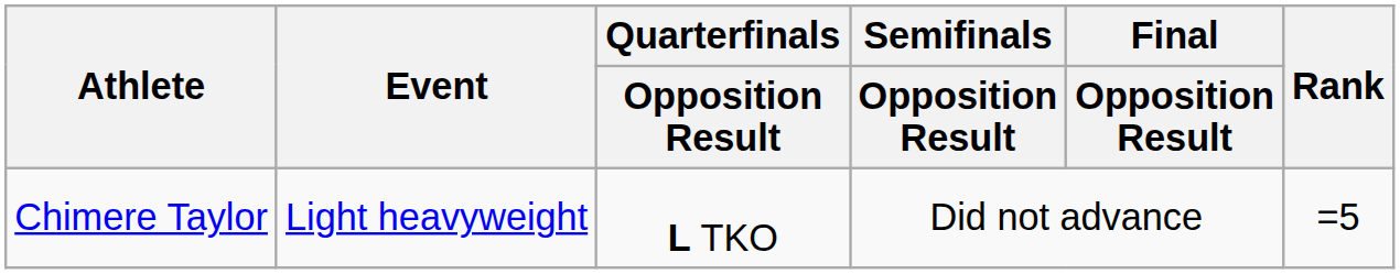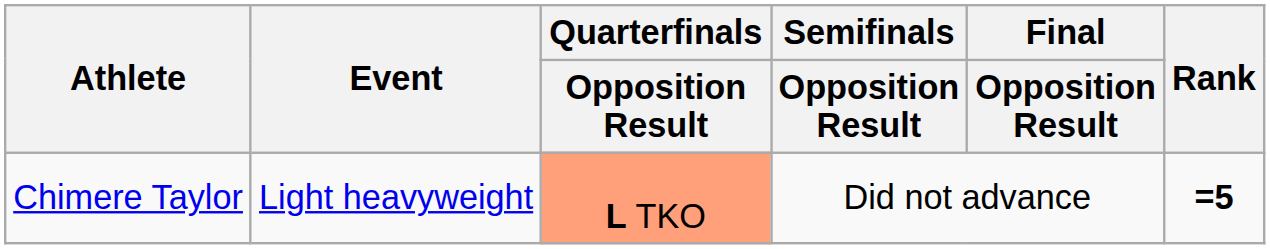 <table class="wikitable" border="1" style="font-size:90%">
 <tr>
 <th rowspan=2>Athlete</th>
 <th rowspan=2>Event</th>
 <th>Quarterfinals</th>
 <th>Semifinals</th>
 <th>Final</th>
 <th rowspan="2">Rank</th>
 </tr>
 <tr>
 <th>Opposition<br>Result</th>
 <th>Opposition<br>Result</th>
 <th>Opposition<br>Result</th>
 </tr>
 <tr align=center>
 <td align=left><a href='#'>Chimere Taylor</a></td>
 <td align=left><a href='#'>Light heavyweight</a></td>
-<td><br><strong>L</strong> TKO</td>
+<td style="background: lightsalmon;"><br><strong>L</strong> TKO</td>
 <td colspan=2>Did not advance</td>
-<td align=center>=5</td>
+<td align=center><strong>=5</strong></td>
 </tr>
 </table>
